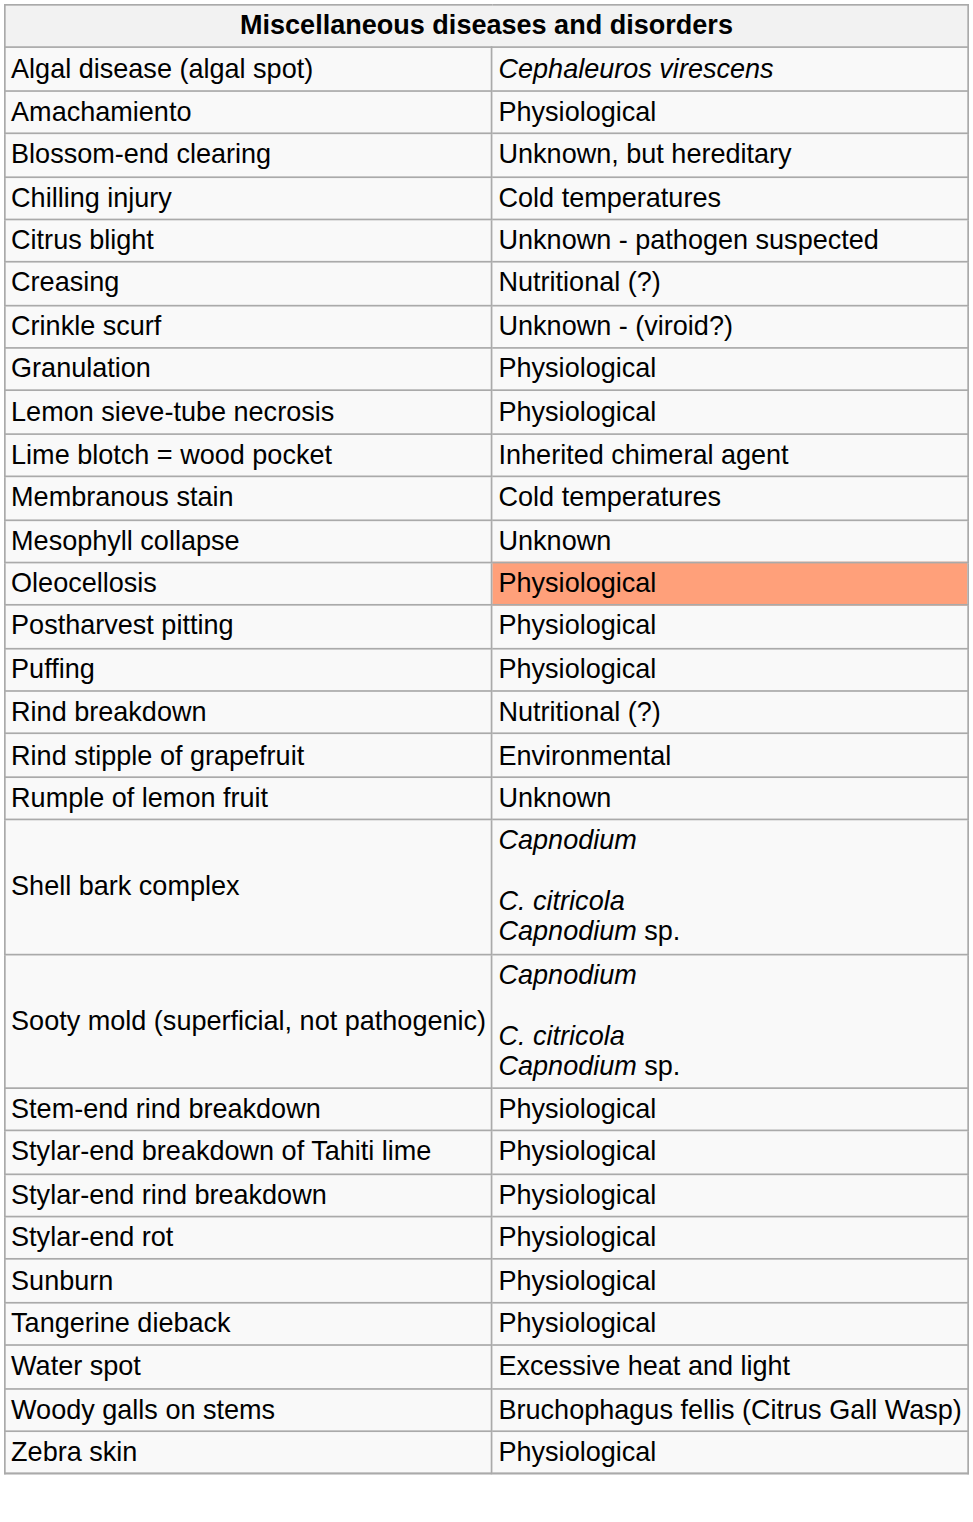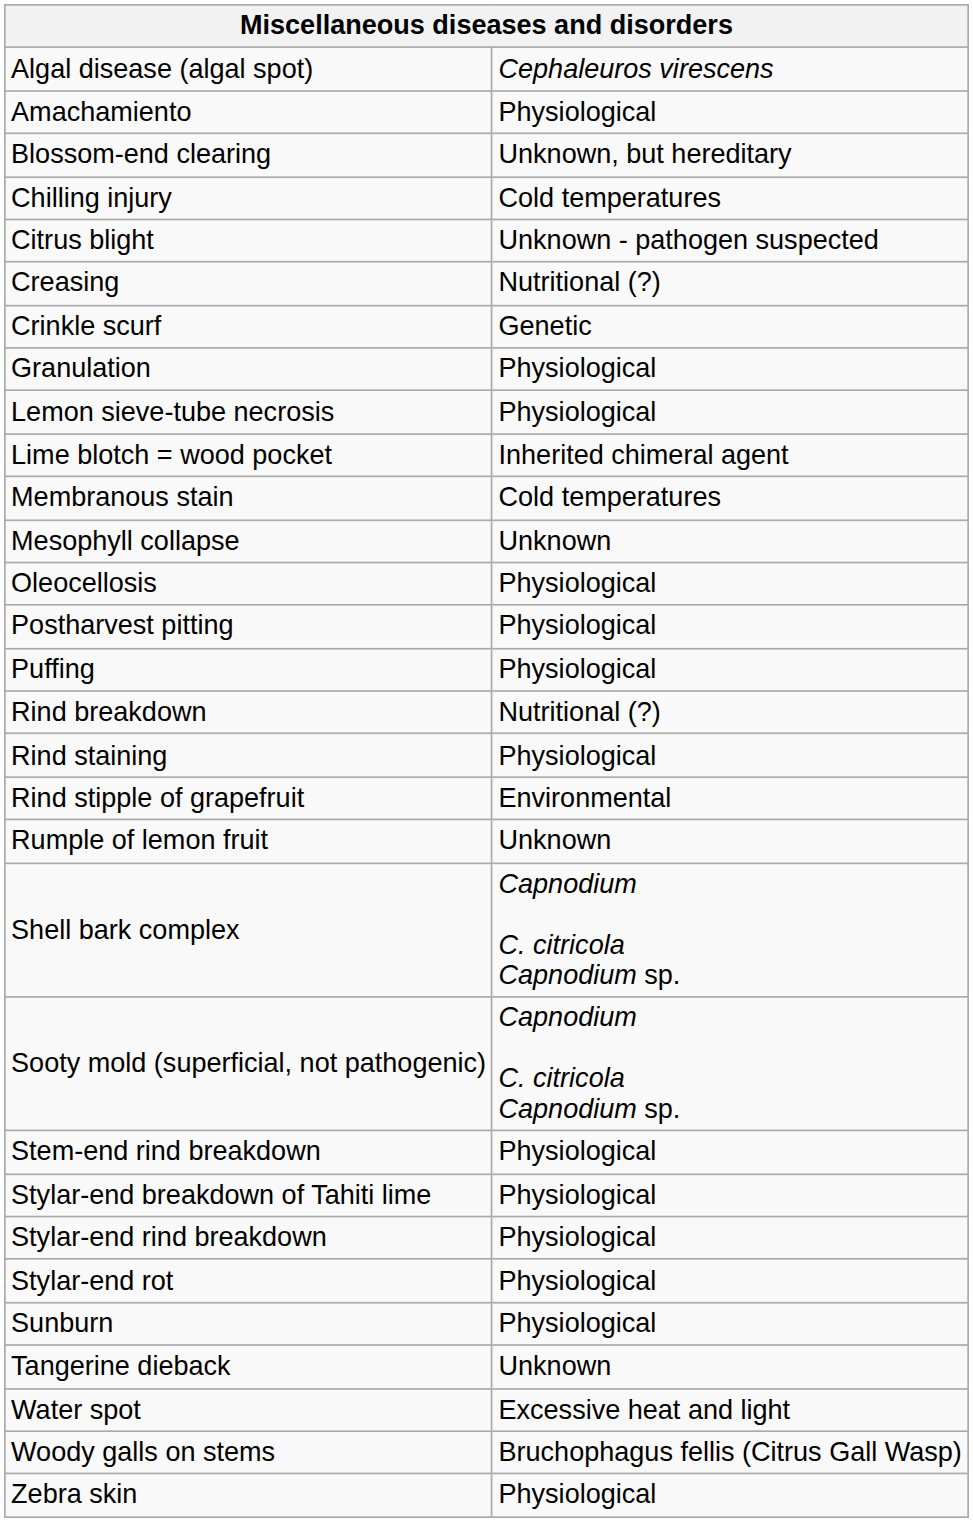 <table class="wikitable" style="clear">
 <tr>
 <th colspan=2><strong>Miscellaneous diseases and disorders</strong><br></th>
 </tr>
 <tr>
 <td>Algal disease (algal spot)</td>
 <td><em>Cephaleuros virescens</em></td>
 </tr>
 <tr>
 <td>Amachamiento</td>
 <td>Physiological</td>
 </tr>
 <tr>
 <td>Blossom-end clearing</td>
 <td>Unknown, but hereditary</td>
 </tr>
 <tr>
 <td>Chilling injury</td>
 <td>Cold temperatures</td>
 </tr>
 <tr>
 <td>Citrus blight</td>
 <td>Unknown - pathogen suspected</td>
 </tr>
 <tr>
 <td>Creasing</td>
 <td>Nutritional (?)</td>
 </tr>
 <tr>
 <td>Crinkle scurf</td>
-<td>Unknown - (viroid?)</td>
+<td>Genetic</td>
 </tr>
 <tr>
 <td>Granulation</td>
 <td>Physiological</td>
 </tr>
 <tr>
 <td>Lemon sieve-tube necrosis</td>
 <td>Physiological</td>
 </tr>
 <tr>
 <td>Lime blotch = wood pocket</td>
 <td>Inherited chimeral agent</td>
 </tr>
 <tr>
 <td>Membranous stain</td>
 <td>Cold temperatures</td>
 </tr>
 <tr>
 <td>Mesophyll collapse</td>
 <td>Unknown</td>
 </tr>
 <tr>
 <td>Oleocellosis</td>
-<td style="background: lightsalmon;">Physiological</td>
+<td>Physiological</td>
 </tr>
 <tr>
 <td>Postharvest pitting</td>
 <td>Physiological</td>
 </tr>
 <tr>
 <td>Puffing</td>
 <td>Physiological</td>
 </tr>
 <tr>
 <td>Rind breakdown</td>
 <td>Nutritional (?)</td>
+</tr>
+<tr>
+<td>Rind staining</td>
+<td>Physiological</td>
 </tr>
 <tr>
 <td>Rind stipple of grapefruit</td>
 <td>Environmental</td>
 </tr>
 <tr>
 <td>Rumple of lemon fruit</td>
 <td>Unknown</td>
 </tr>
 <tr>
 <td>Shell bark complex</td>
 <td><em>Capnodium</em><br><br><em>C. citricola</em><br> <em>Capnodium</em> sp.</td>
 </tr>
 <tr>
 <td>Sooty mold (superficial, not pathogenic)</td>
 <td><em>Capnodium</em><br><br><em>C. citricola</em><br> <em>Capnodium</em> sp.</td>
 </tr>
 <tr>
 <td>Stem-end rind breakdown</td>
 <td>Physiological</td>
 </tr>
 <tr>
 <td>Stylar-end breakdown of Tahiti lime</td>
 <td>Physiological</td>
 </tr>
 <tr>
 <td>Stylar-end rind breakdown</td>
 <td>Physiological</td>
 </tr>
 <tr>
 <td>Stylar-end rot</td>
 <td>Physiological</td>
 </tr>
 <tr>
 <td>Sunburn</td>
 <td>Physiological</td>
 </tr>
 <tr>
 <td>Tangerine dieback</td>
-<td>Physiological</td>
+<td>Unknown</td>
 </tr>
 <tr>
 <td>Water spot</td>
 <td>Excessive heat and light</td>
 </tr>
 <tr>
 <td>Woody galls on stems</td>
 <td>Bruchophagus fellis (Citrus Gall Wasp)</td>
 </tr>
 <tr>
 <td>Zebra skin</td>
 <td>Physiological</td>
 </tr>
 <tr>
 </tr>
 </table>
